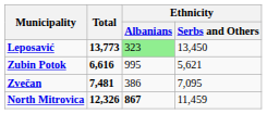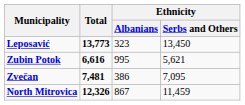 <table class="wikitable">
 <tr>
 <th scope="col" rowspan="2">Municipality</th>
 <th scope="col" rowspan="2">Total</th>
 <th scope="col" colspan="11">Ethnicity</th>
 </tr>
 <tr style="text-align:center; background:#f0f0f0;">
 <th scope="col"><a href='#'>Albanians</a></th>
 <th scope="col"><a href='#'>Serbs</a> and Others</th>
 </tr>
 <tr>
 <td><strong><a href='#'>Leposavić</a></strong></td>
 <td><strong>13,773</strong></td>
-<td style="background: lightgreen;">323</td>
+<td>323</td>
 <td>13,450</td>
 </tr>
 <tr>
 <td><strong><a href='#'>Zubin Potok</a></strong></td>
 <td><strong>6,616</strong></td>
 <td>995</td>
 <td>5,621</td>
 </tr>
 <tr>
 <td><strong><a href='#'>Zvečan</a></strong></td>
 <td><strong>7,481</strong></td>
 <td>386</td>
 <td>7,095</td>
 </tr>
 <tr>
 <td><strong><a href='#'>North Mitrovica</a></strong></td>
 <td><strong>12,326</strong></td>
-<td><strong>867</strong></td>
+<td>867</td>
 <td>11,459</td>
 </tr>
 </table>
